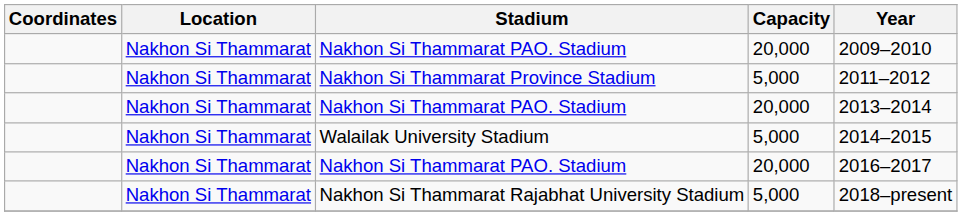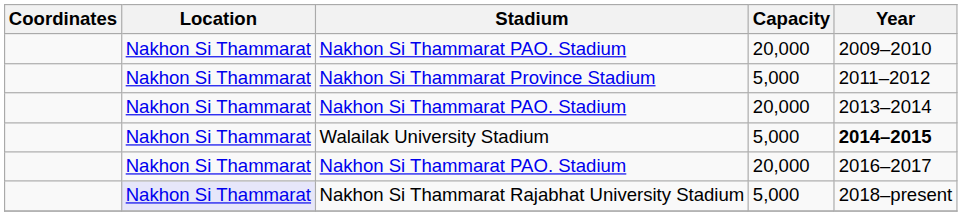 <table class="wikitable sortable">
 <tr>
 <th>Coordinates</th>
 <th>Location</th>
 <th>Stadium</th>
 <th>Capacity</th>
 <th>Year</th>
 </tr>
 <tr>
 <td></td>
 <td><a href='#'>Nakhon Si Thammarat</a></td>
 <td><a href='#'>Nakhon Si Thammarat PAO. Stadium</a></td>
 <td>20,000</td>
 <td>2009–2010</td>
 </tr>
 <tr>
 <td></td>
 <td><a href='#'>Nakhon Si Thammarat</a></td>
 <td><a href='#'>Nakhon Si Thammarat Province Stadium</a></td>
 <td>5,000</td>
 <td>2011–2012</td>
 </tr>
 <tr>
 <td></td>
 <td><a href='#'>Nakhon Si Thammarat</a></td>
 <td><a href='#'>Nakhon Si Thammarat PAO. Stadium</a></td>
 <td>20,000</td>
 <td>2013–2014</td>
 </tr>
 <tr>
 <td></td>
 <td><a href='#'>Nakhon Si Thammarat</a></td>
 <td>Walailak University Stadium</td>
 <td>5,000</td>
-<td>2014–2015</td>
+<td><strong>2014–2015</strong></td>
 </tr>
 <tr>
 <td></td>
 <td><a href='#'>Nakhon Si Thammarat</a></td>
 <td><a href='#'>Nakhon Si Thammarat PAO. Stadium</a></td>
 <td>20,000</td>
 <td>2016–2017</td>
 </tr>
 <tr>
 <td></td>
-<td><a href='#'>Nakhon Si Thammarat</a></td>
+<td style="background: lavender;"><a href='#'>Nakhon Si Thammarat</a></td>
 <td>Nakhon Si Thammarat Rajabhat University Stadium</td>
 <td>5,000</td>
 <td>2018–present</td>
 </tr>
 <tr>
 </tr>
 </table>
